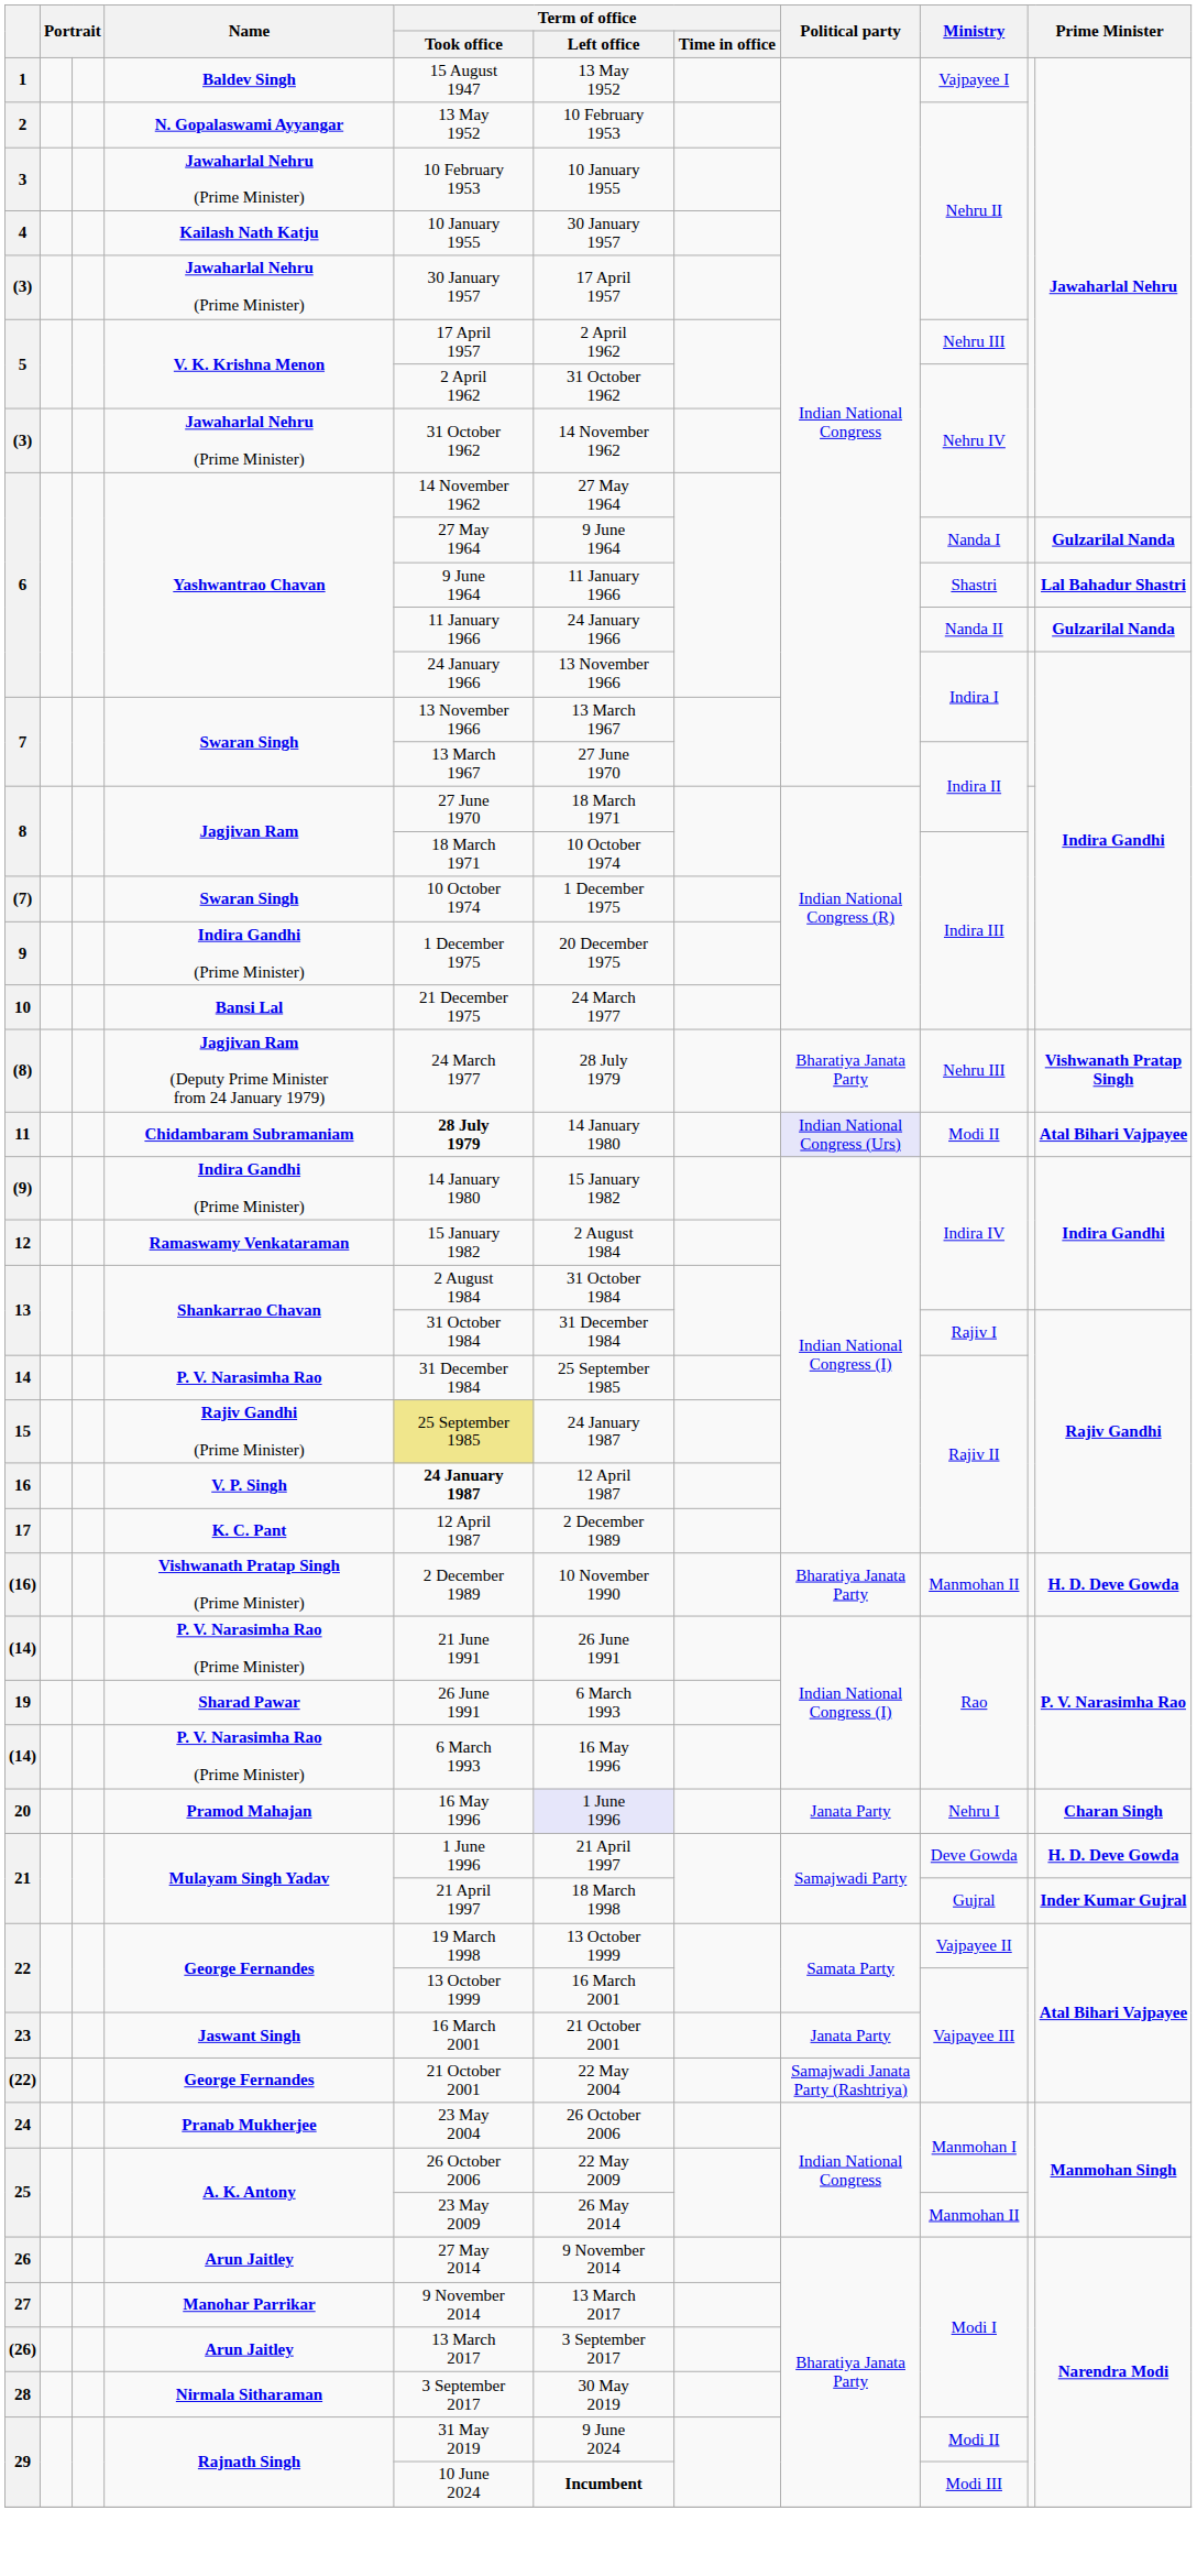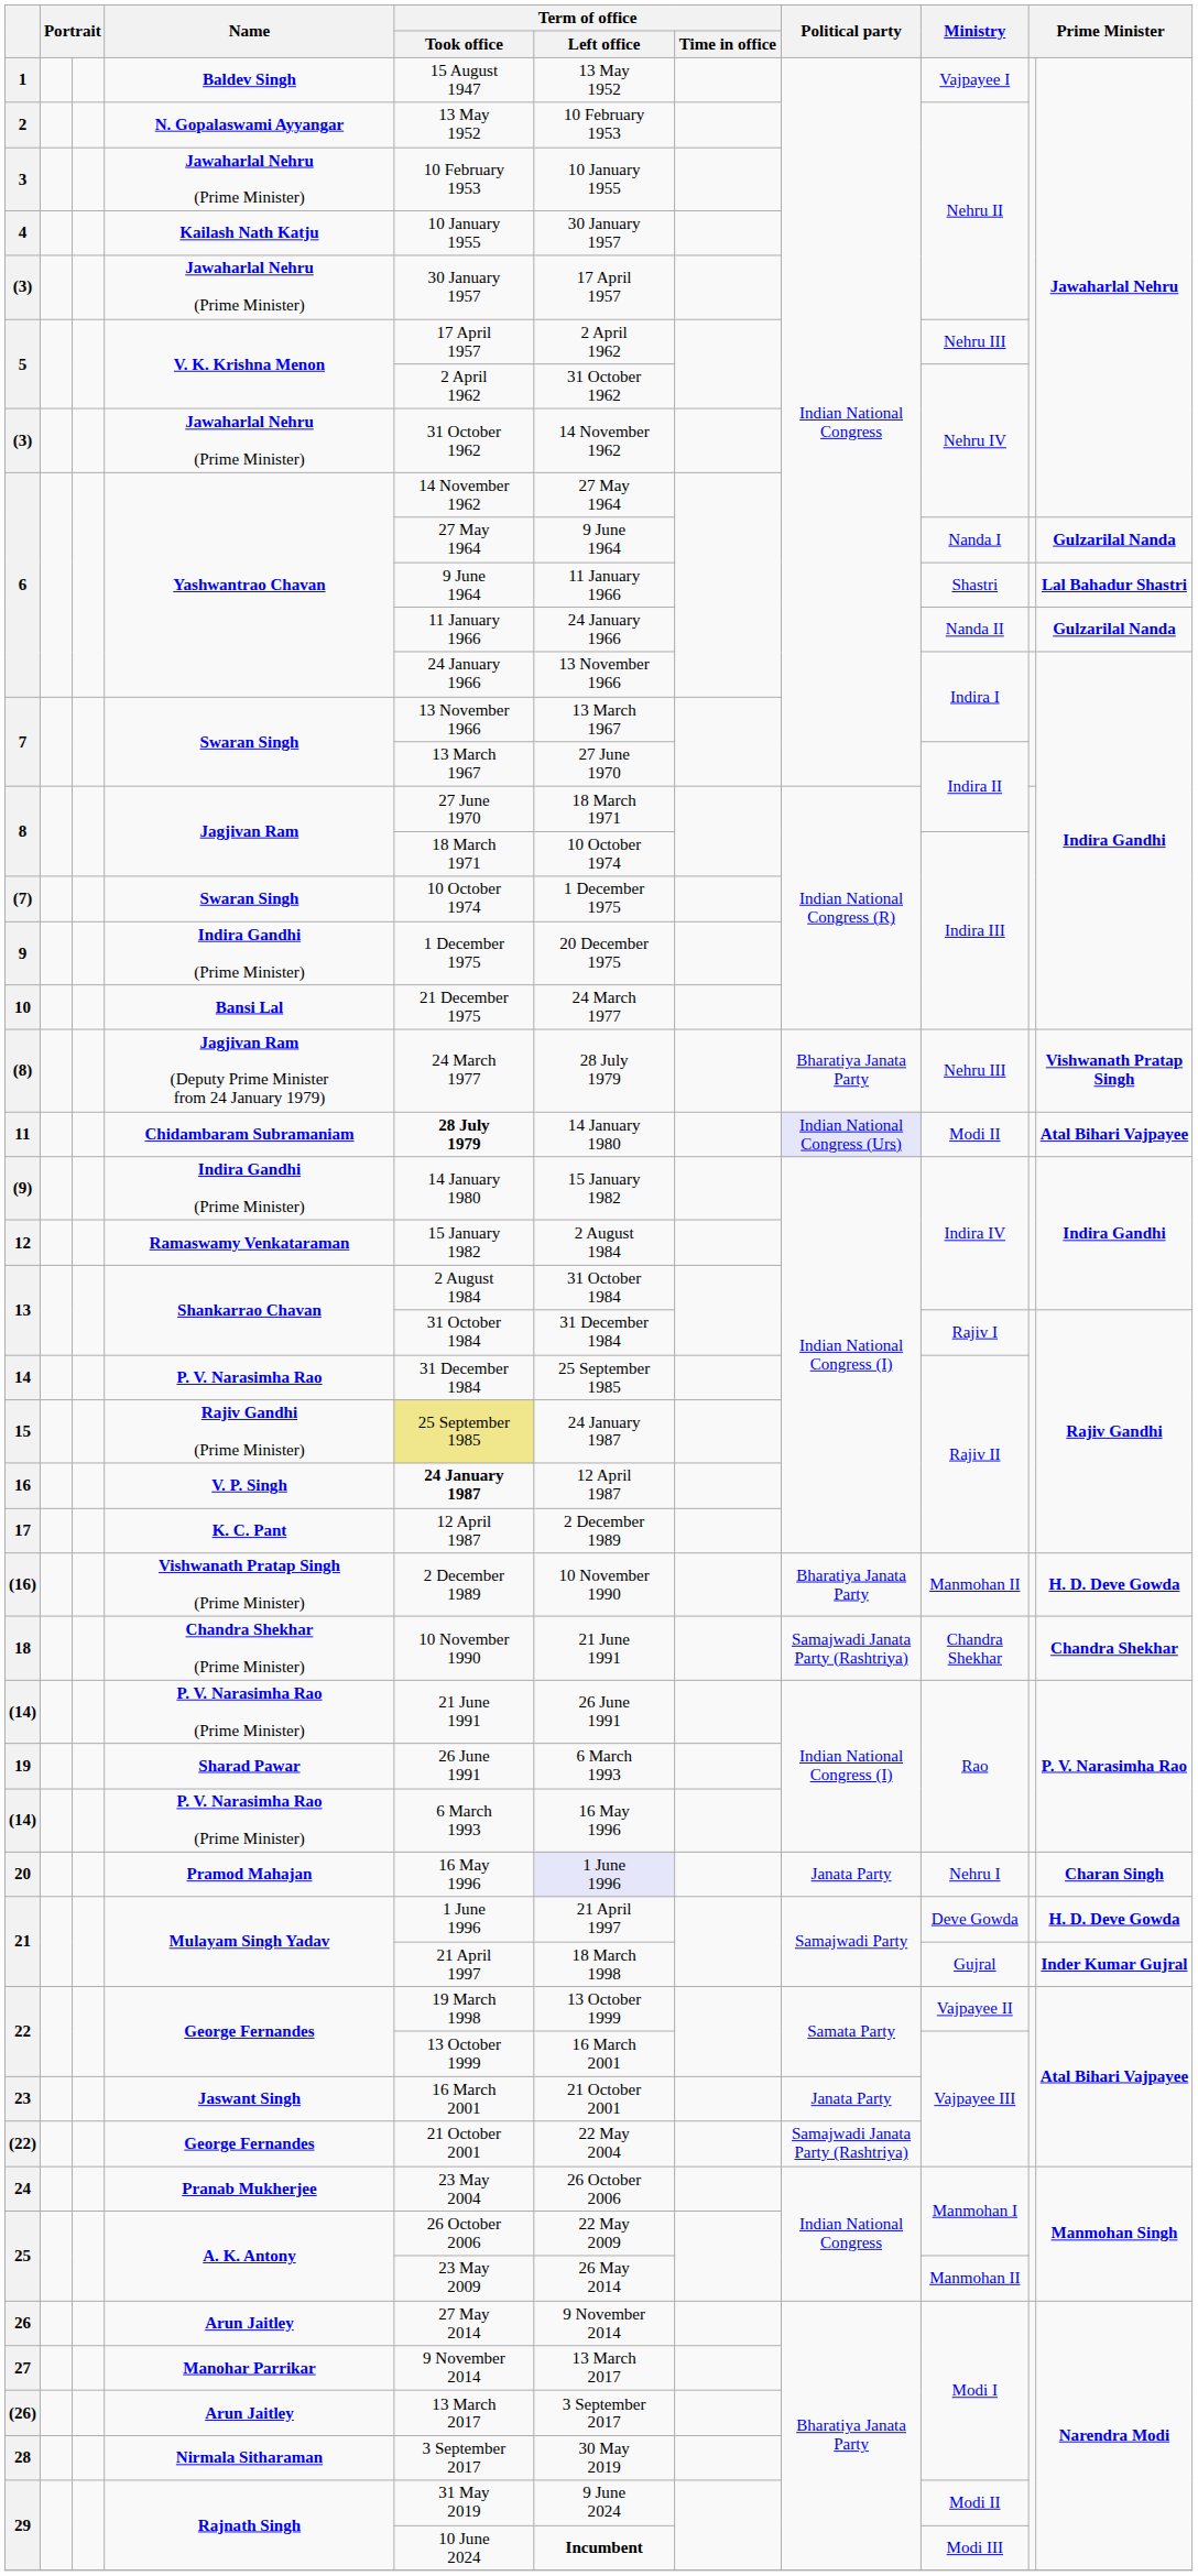 <table class="wikitable" style="text-align:center">
 <tr>
 <th rowspan="2"></th>
 <th rowspan="2" colspan="2">Portrait</th>
 <th rowspan="2" style="width:17em">Name<br></th>
 <th colspan="3">Term of office</th>
 <th rowspan="2" style="width:8em">Political party</th>
 <th rowspan="2" style="width:6em"><a href='#'>Ministry</a></th>
 <th rowspan="2" colspan="2">Prime Minister</th>
 </tr>
 <tr>
 <th style="width:8em">Took office</th>
 <th style="width:8em">Left office</th>
 <th style="width:6em">Time in office</th>
 </tr>
 <tr>
 <th>1</th>
 <td></td>
 <td></td>
 <td><strong><a href='#'>Baldev Singh</a></strong><br></td>
 <td>15 August<br>1947</td>
 <td>13 May<br>1952</td>
 <td><strong></strong></td>
 <td rowspan="15"><a href='#'>Indian National Congress</a></td>
 <td><a href='#'>Vajpayee I</a></td>
 <td rowspan="9"></td>
 <td rowspan="9" style="width:9em"><strong><a href='#'>Jawaharlal Nehru</a></strong></td>
 </tr>
 <tr>
 <th>2</th>
 <td></td>
 <td></td>
 <td><strong><a href='#'>N. Gopalaswami Ayyangar</a></strong><br></td>
 <td>13 May<br>1952</td>
 <td>10 February<br>1953<br></td>
 <td><strong></strong></td>
 <td rowspan="4"><a href='#'>Nehru II</a></td>
 </tr>
 <tr>
 <th>3</th>
 <td></td>
 <td></td>
 <td><strong><a href='#'>Jawaharlal Nehru</a></strong><br><br>(Prime Minister)</td>
 <td>10 February<br>1953</td>
 <td>10 January<br>1955</td>
 <td><strong></strong></td>
 </tr>
 <tr>
 <th>4</th>
 <td></td>
 <td></td>
 <td><strong><a href='#'>Kailash Nath Katju</a></strong><br></td>
 <td>10 January<br>1955</td>
 <td>30 January<br>1957</td>
 <td><strong></strong></td>
 </tr>
 <tr>
 <th>(3)</th>
 <td></td>
 <td></td>
 <td><strong><a href='#'>Jawaharlal Nehru</a></strong><br><br>(Prime Minister)</td>
 <td>30 January<br>1957</td>
 <td>17 April<br>1957</td>
 <td><strong></strong></td>
 </tr>
 <tr>
 <th rowspan="2">5</th>
 <td rowspan="2"></td>
 <td rowspan="2"></td>
 <td rowspan="2"><strong><a href='#'>V. K. Krishna Menon</a></strong><br></td>
 <td>17 April<br>1957</td>
 <td>2 April<br>1962</td>
 <td rowspan="2"><strong></strong></td>
 <td><a href='#'>Nehru III</a></td>
 </tr>
 <tr>
 <td>2 April<br>1962</td>
 <td>31 October<br>1962</td>
 <td rowspan="3"><a href='#'>Nehru IV</a></td>
 </tr>
 <tr>
 <th>(3)</th>
 <td></td>
 <td></td>
 <td><strong><a href='#'>Jawaharlal Nehru</a></strong><br><br>(Prime Minister)</td>
 <td>31 October<br>1962</td>
 <td>14 November<br>1962</td>
 <td><strong></strong></td>
 </tr>
 <tr>
 <th rowspan="5">6</th>
 <td rowspan="5"></td>
 <td rowspan="5"></td>
 <td rowspan="5"><strong><a href='#'>Yashwantrao Chavan</a></strong><br></td>
 <td>14 November<br>1962</td>
 <td>27 May<br>1964</td>
 <td rowspan="5"><strong></strong></td>
 </tr>
 <tr>
 <td>27 May<br>1964</td>
 <td>9 June<br>1964</td>
 <td><a href='#'>Nanda I</a></td>
 <td></td>
 <td><strong><a href='#'>Gulzarilal Nanda</a></strong></td>
 </tr>
 <tr>
 <td>9 June<br>1964</td>
 <td>11 January<br>1966</td>
 <td><a href='#'>Shastri</a></td>
 <td></td>
 <td><strong><a href='#'>Lal Bahadur Shastri</a></strong></td>
 </tr>
 <tr>
 <td>11 January<br>1966</td>
 <td>24 January<br>1966</td>
 <td><a href='#'>Nanda II</a></td>
 <td></td>
 <td><strong><a href='#'>Gulzarilal Nanda</a></strong></td>
 </tr>
 <tr>
 <td>24 January<br>1966</td>
 <td>13 November<br>1966</td>
 <td rowspan="2"><a href='#'>Indira I</a></td>
 <td rowspan="3"></td>
 <td rowspan="8"><strong><a href='#'>Indira Gandhi</a></strong></td>
 </tr>
 <tr>
 <th rowspan="2">7</th>
 <td rowspan="2"></td>
 <td rowspan="2"></td>
 <td rowspan="2"><strong><a href='#'>Swaran Singh</a></strong><br></td>
 <td>13 November<br>1966</td>
 <td>13 March<br>1967</td>
 <td rowspan="2"><strong></strong></td>
 </tr>
 <tr>
 <td>13 March<br>1967</td>
 <td>27 June<br>1970</td>
 <td rowspan="2"><a href='#'>Indira II</a></td>
 </tr>
 <tr>
 <th rowspan="2">8</th>
 <td rowspan="2"></td>
 <td rowspan="2"></td>
 <td rowspan="2"><strong><a href='#'>Jagjivan Ram</a></strong><br></td>
 <td>27 June<br>1970</td>
 <td>18 March<br>1971</td>
 <td rowspan="2"><strong></strong></td>
 <td rowspan="5"><a href='#'>Indian National Congress (R)</a></td>
 <td rowspan="5"></td>
 </tr>
 <tr>
 <td>18 March<br>1971</td>
 <td>10 October<br>1974</td>
 <td rowspan="4"><a href='#'>Indira III</a></td>
 </tr>
 <tr>
 <th>(7)</th>
 <td></td>
 <td></td>
 <td><strong><a href='#'>Swaran Singh</a></strong><br></td>
 <td>10 October<br>1974</td>
 <td>1 December<br>1975</td>
 <td><strong></strong></td>
 </tr>
 <tr>
 <th>9</th>
 <td></td>
 <td></td>
 <td><strong><a href='#'>Indira Gandhi</a></strong><br><br>(Prime Minister)</td>
 <td>1 December<br>1975</td>
 <td>20 December<br>1975</td>
 <td><strong></strong></td>
 </tr>
 <tr>
 <th>10</th>
 <td></td>
 <td></td>
 <td><strong><a href='#'>Bansi Lal</a></strong><br></td>
 <td>21 December<br>1975</td>
 <td>24 March<br>1977</td>
 <td><strong></strong></td>
 </tr>
 <tr>
 <th>(8)</th>
 <td></td>
 <td></td>
 <td><strong><a href='#'>Jagjivan Ram</a></strong><br><br>(Deputy Prime Minister<br>from 24 January 1979)</td>
 <td>24 March<br>1977</td>
 <td>28 July<br>1979</td>
 <td><strong></strong></td>
 <td><a href='#'>Bharatiya Janata Party</a></td>
 <td><a href='#'>Nehru III</a></td>
 <td></td>
 <td><strong><a href='#'>Vishwanath Pratap Singh</a></strong></td>
 </tr>
 <tr>
 <th>11</th>
 <td></td>
 <td></td>
 <td><strong><a href='#'>Chidambaram Subramaniam</a></strong><br></td>
 <td><strong>28 July<br>1979</strong></td>
 <td>14 January<br>1980</td>
 <td><strong></strong></td>
 <td style="background: lavender;"><a href='#'>Indian National Congress (Urs)</a></td>
 <td><a href='#'>Modi II</a></td>
 <td></td>
 <td><strong><a href='#'>Atal Bihari Vajpayee</a></strong></td>
 </tr>
 <tr>
 <th>(9)</th>
 <td></td>
 <td></td>
 <td><strong><a href='#'>Indira Gandhi</a></strong><br><br>(Prime Minister)</td>
 <td>14 January<br>1980</td>
 <td>15 January<br>1982</td>
 <td><strong></strong></td>
 <td rowspan="8"><a href='#'>Indian National Congress (I)</a></td>
 <td rowspan="3"><a href='#'>Indira IV</a></td>
 <td rowspan="3"></td>
 <td rowspan="3"><strong><a href='#'>Indira Gandhi</a></strong></td>
 </tr>
 <tr>
 <th>12</th>
 <td></td>
 <td></td>
 <td><strong><a href='#'>Ramaswamy Venkataraman</a></strong><br></td>
 <td>15 January<br>1982</td>
 <td>2 August<br>1984</td>
 <td><strong></strong></td>
 </tr>
 <tr>
 <th rowspan="2">13</th>
 <td rowspan="2"></td>
 <td rowspan="2"></td>
 <td rowspan="2"><strong><a href='#'>Shankarrao Chavan</a></strong><br></td>
 <td>2 August<br>1984</td>
 <td>31 October<br>1984</td>
 <td rowspan="2"><strong></strong></td>
 </tr>
 <tr>
 <td>31 October<br>1984</td>
 <td>31 December<br>1984</td>
 <td><a href='#'>Rajiv I</a></td>
 <td rowspan="5"></td>
 <td rowspan="5"><strong><a href='#'>Rajiv Gandhi</a></strong></td>
 </tr>
 <tr>
 <th>14</th>
 <td></td>
 <td></td>
 <td><strong><a href='#'>P. V. Narasimha Rao</a></strong><br></td>
 <td>31 December<br>1984</td>
 <td>25 September<br>1985</td>
 <td><strong></strong></td>
 <td rowspan="4"><a href='#'>Rajiv II</a></td>
 </tr>
 <tr>
 <th>15</th>
 <td></td>
 <td></td>
 <td><strong><a href='#'>Rajiv Gandhi</a></strong><br><br>(Prime Minister)</td>
 <td style="background: khaki;">25 September<br>1985</td>
 <td>24 January<br>1987</td>
 <td><strong></strong></td>
 </tr>
 <tr>
 <th>16</th>
 <td></td>
 <td></td>
 <td><strong><a href='#'>V. P. Singh</a></strong><br></td>
 <td><strong>24 January<br>1987</strong></td>
 <td>12 April<br>1987</td>
 <td><strong></strong></td>
 </tr>
 <tr>
 <th>17</th>
 <td></td>
 <td></td>
 <td><strong><a href='#'>K. C. Pant</a></strong><br></td>
 <td>12 April<br>1987</td>
 <td>2 December<br>1989</td>
 <td><strong></strong></td>
 </tr>
 <tr>
 <th>(16)</th>
 <td></td>
 <td></td>
 <td><strong><a href='#'>Vishwanath Pratap Singh</a></strong><br><br>(Prime Minister)</td>
 <td>2 December<br>1989</td>
 <td>10 November<br>1990</td>
 <td><strong></strong></td>
 <td><a href='#'>Bharatiya Janata Party</a></td>
 <td><a href='#'>Manmohan II</a></td>
 <td></td>
 <td><strong><a href='#'>H. D. Deve Gowda</a></strong></td>
 </tr>
 <tr>
+<th>18</th>
+<td></td>
+<td></td>
+<td><strong><a href='#'>Chandra Shekhar</a></strong><br><br>(Prime Minister)</td>
+<td>10 November<br>1990</td>
+<td>21 June<br>1991</td>
+<td><strong></strong></td>
+<td><a href='#'>Samajwadi Janata Party (Rashtriya)</a></td>
+<td><a href='#'>Chandra Shekhar</a></td>
+<td></td>
+<td><strong><a href='#'>Chandra Shekhar</a></strong></td>
+</tr>
+<tr>
 <th>(14)</th>
 <td></td>
 <td></td>
 <td><strong><a href='#'>P. V. Narasimha Rao</a></strong><br><br>(Prime Minister)</td>
 <td>21 June<br>1991</td>
 <td>26 June<br>1991</td>
 <td><strong></strong></td>
 <td rowspan="3"><a href='#'>Indian National Congress (I)</a></td>
 <td rowspan="3"><a href='#'>Rao</a></td>
 <td rowspan="3"></td>
 <td rowspan="3"><strong><a href='#'>P. V. Narasimha Rao</a></strong></td>
 </tr>
 <tr>
 <th>19</th>
 <td></td>
 <td></td>
 <td><strong><a href='#'>Sharad Pawar</a></strong><br></td>
 <td>26 June<br>1991</td>
 <td>6 March<br>1993</td>
 <td><strong></strong></td>
 </tr>
 <tr>
 <th>(14)</th>
 <td></td>
 <td></td>
 <td><strong><a href='#'>P. V. Narasimha Rao</a></strong><br><br>(Prime Minister)</td>
 <td>6 March<br>1993</td>
 <td>16 May<br>1996</td>
 <td><strong></strong></td>
 </tr>
 <tr>
 <th>20</th>
 <td></td>
 <td></td>
 <td><strong><a href='#'>Pramod Mahajan</a></strong><br></td>
 <td>16 May<br>1996</td>
 <td style="background: lavender;">1 June<br>1996</td>
 <td><strong></strong></td>
 <td><a href='#'>Janata Party</a></td>
 <td><a href='#'>Nehru I</a></td>
 <td></td>
 <td><strong><a href='#'>Charan Singh</a></strong></td>
 </tr>
 <tr>
 <th rowspan="2">21</th>
 <td rowspan="2"></td>
 <td rowspan="2"></td>
 <td rowspan="2"><strong><a href='#'>Mulayam Singh Yadav</a></strong><br></td>
 <td>1 June<br>1996</td>
 <td>21 April<br>1997</td>
 <td rowspan="2"><strong></strong></td>
 <td rowspan="2"><a href='#'>Samajwadi Party</a></td>
 <td><a href='#'>Deve Gowda</a></td>
 <td></td>
 <td><strong><a href='#'>H. D. Deve Gowda</a></strong></td>
 </tr>
 <tr>
 <td>21 April<br>1997</td>
 <td>18 March<br>1998</td>
 <td><a href='#'>Gujral</a></td>
 <td></td>
 <td><strong><a href='#'>Inder Kumar Gujral</a></strong></td>
 </tr>
 <tr>
 <th rowspan="2">22</th>
 <td rowspan="2"></td>
 <td rowspan="2"></td>
 <td rowspan="2"><strong><a href='#'>George Fernandes</a></strong><br></td>
 <td>19 March<br>1998</td>
 <td>13 October<br>1999</td>
 <td rowspan="2"><strong></strong></td>
 <td rowspan="2"><a href='#'>Samata Party</a></td>
 <td><a href='#'>Vajpayee II</a></td>
 <td rowspan="4"></td>
 <td rowspan="4"><strong><a href='#'>Atal Bihari Vajpayee</a></strong></td>
 </tr>
 <tr>
 <td>13 October<br>1999</td>
 <td>16 March<br>2001</td>
 <td rowspan="3"><a href='#'>Vajpayee III</a></td>
 </tr>
 <tr>
 <th>23</th>
 <td></td>
 <td></td>
 <td><strong><a href='#'>Jaswant Singh</a></strong><br></td>
 <td>16 March<br>2001</td>
 <td>21 October<br>2001</td>
 <td><strong></strong></td>
 <td><a href='#'>Janata Party</a></td>
 </tr>
 <tr>
 <th>(22)</th>
 <td></td>
 <td></td>
 <td><strong><a href='#'>George Fernandes</a></strong><br></td>
 <td>21 October<br>2001</td>
 <td>22 May<br>2004</td>
 <td><strong></strong></td>
 <td><a href='#'>Samajwadi Janata Party (Rashtriya)</a></td>
 </tr>
 <tr>
 <th>24</th>
 <td></td>
 <td></td>
 <td><strong><a href='#'>Pranab Mukherjee</a></strong><br></td>
 <td>23 May<br>2004</td>
 <td>26 October<br>2006</td>
 <td><strong></strong></td>
 <td rowspan="3"><a href='#'>Indian National Congress</a></td>
 <td rowspan="2"><a href='#'>Manmohan I</a></td>
 <td rowspan="3"></td>
 <td rowspan="3"><strong><a href='#'>Manmohan Singh</a></strong></td>
 </tr>
 <tr>
 <th rowspan="2">25</th>
 <td rowspan="2"></td>
 <td rowspan="2"></td>
 <td rowspan="2"><strong><a href='#'>A. K. Antony</a></strong><br></td>
 <td>26 October<br>2006</td>
 <td>22 May<br>2009</td>
 <td rowspan="2"><strong></strong></td>
 </tr>
 <tr>
 <td>23 May<br>2009</td>
 <td>26 May<br>2014</td>
 <td><a href='#'>Manmohan II</a></td>
 </tr>
 <tr>
 <th>26</th>
 <td></td>
 <td></td>
 <td><strong><a href='#'>Arun Jaitley</a></strong><br></td>
 <td>27 May<br>2014</td>
 <td>9 November<br>2014</td>
 <td><strong></strong></td>
 <td rowspan="6"><a href='#'>Bharatiya Janata Party</a></td>
 <td rowspan="4"><a href='#'>Modi I</a></td>
 <td rowspan="6"></td>
 <td rowspan="6"><strong><a href='#'>Narendra Modi</a></strong></td>
 </tr>
 <tr>
 <th>27</th>
 <td></td>
 <td></td>
 <td><strong><a href='#'>Manohar Parrikar</a></strong><br></td>
 <td>9 November<br>2014</td>
 <td>13 March<br>2017</td>
 <td><strong></strong></td>
 </tr>
 <tr>
 <th>(26)</th>
 <td></td>
 <td></td>
 <td><strong><a href='#'>Arun Jaitley</a></strong><br></td>
 <td>13 March<br>2017</td>
 <td>3 September<br>2017</td>
 <td><strong></strong></td>
 </tr>
 <tr>
 <th>28</th>
 <td></td>
 <td></td>
 <td><strong><a href='#'>Nirmala Sitharaman</a></strong><br></td>
 <td>3 September<br>2017</td>
 <td>30 May<br>2019</td>
 <td><strong></strong></td>
 </tr>
 <tr>
 <th rowspan =2>29</th>
 <td rowspan="2"></td>
 <td rowspan=2></td>
 <td rowspan=2><strong><a href='#'>Rajnath Singh</a></strong><br></td>
 <td>31 May<br>2019</td>
 <td>9 June<br>2024</td>
 <td rowspan=2><strong></strong></td>
 <td><a href='#'>Modi II</a></td>
 </tr>
 <tr>
 <td>10 June<br>2024</td>
 <td><strong>Incumbent</strong></td>
 <td><a href='#'>Modi III</a></td>
 </tr>
 <tr>
 </tr>
 </table>
